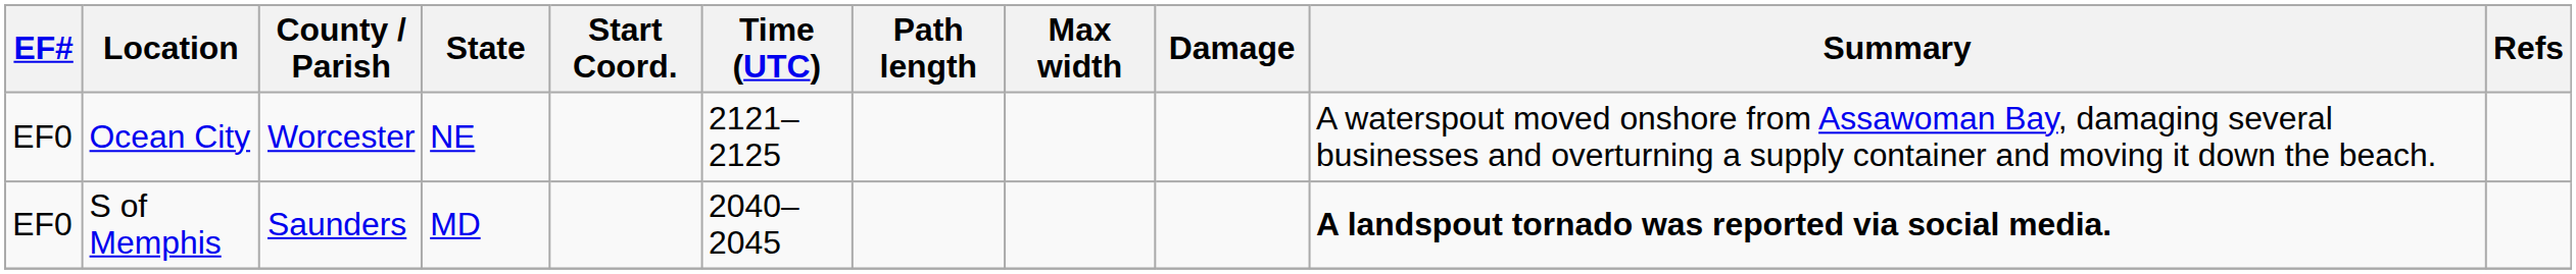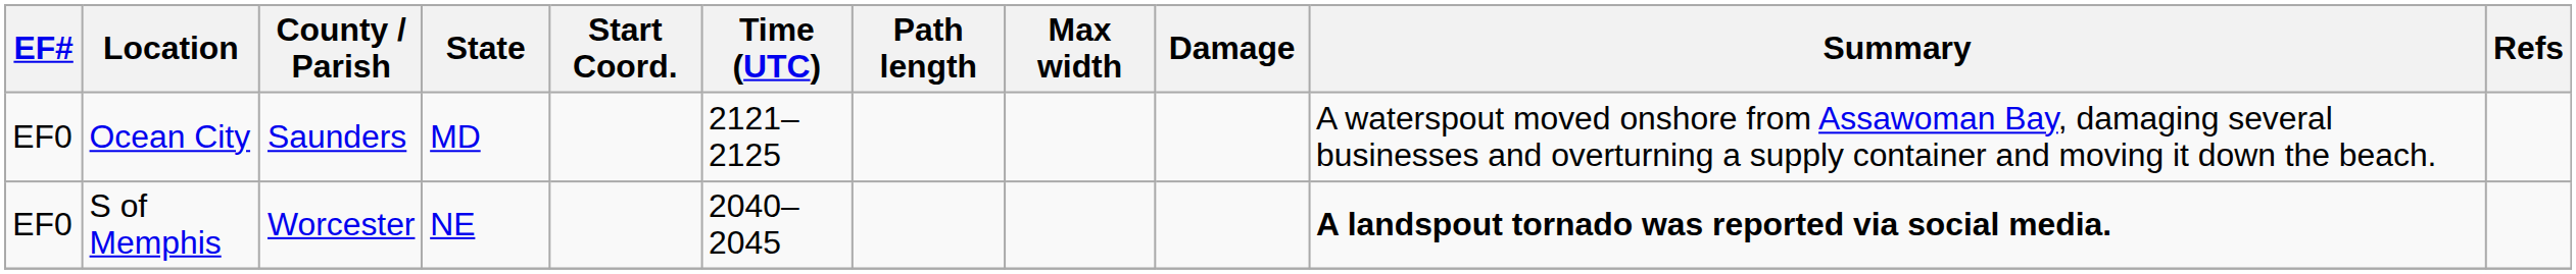 <table class="wikitable sortable" style="width:100%;">
 <tr>
 <th scope="col" width="3%" align="center"><a href='#'>EF#</a></th>
 <th scope="col" width="7%" align="center" class="unsortable">Location</th>
 <th scope="col" width="6%" align="center" class="unsortable">County / Parish</th>
 <th scope="col" width="5%" align="center">State</th>
 <th scope="col" width="6%" align="center">Start Coord.</th>
 <th scope="col" width="6%" align="center">Time (<a href='#'>UTC</a>)</th>
 <th scope="col" width="6%" align="center">Path length</th>
 <th scope="col" width="6%" align="center">Max width</th>
 <th scope="col" width="6%" align="center">Damage</th>
 <th scope="col" width="48%" class="unsortable" align="center">Summary</th>
 <th scope="col" width="48%" class="unsortable" align="center">Refs</th>
 </tr>
 <tr>
 <td>EF0</td>
 <td><a href='#'>Ocean City</a></td>
-<td><a href='#'>Worcester</a></td>
-<td><a href='#'>NE</a></td>
+<td><a href='#'>Saunders</a></td>
+<td><a href='#'>MD</a></td>
 <td></td>
 <td>2121–2125</td>
 <td></td>
 <td></td>
 <td></td>
 <td>A waterspout moved onshore from <a href='#'>Assawoman Bay</a>, damaging several businesses and overturning a supply container and moving it down the beach.</td>
 <td></td>
 </tr>
 <tr>
 <td>EF0</td>
 <td>S of <a href='#'>Memphis</a></td>
-<td><a href='#'>Saunders</a></td>
-<td><a href='#'>MD</a></td>
+<td><a href='#'>Worcester</a></td>
+<td><a href='#'>NE</a></td>
 <td></td>
 <td>2040–2045</td>
 <td></td>
 <td></td>
 <td></td>
 <td><strong>A landspout tornado was reported via social media.</strong></td>
 <td></td>
 </tr>
 <tr>
 </tr>
 </table>
